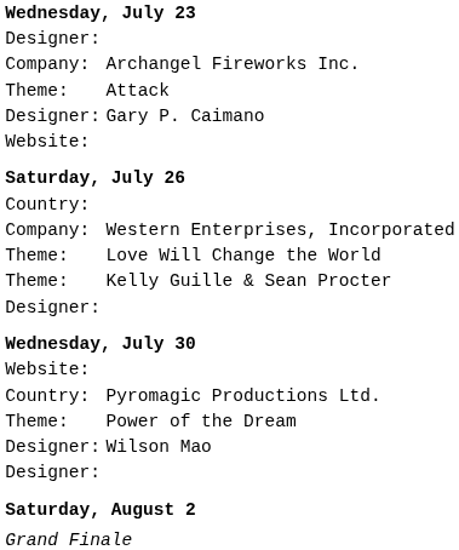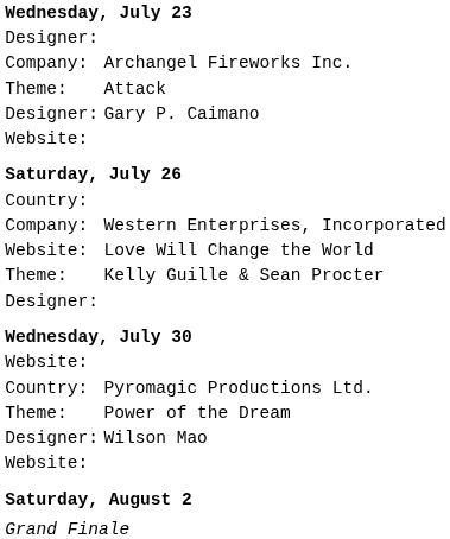 <table border="0">
 <tr>
 <td colspan="2"><strong>Wednesday, July 23</strong></td>
 </tr>
 <tr>
 <td>Designer:</td>
 <td></td>
 </tr>
 <tr>
 <td>Company:</td>
 <td>Archangel Fireworks Inc.</td>
 </tr>
 <tr>
 <td>Theme:</td>
 <td>Attack</td>
 </tr>
 <tr>
 <td>Designer:</td>
 <td>Gary P. Caimano</td>
 </tr>
 <tr>
 <td>Website:</td>
 <td></td>
 </tr>
 <tr>
 <td colspan="2"></td>
 </tr>
 <tr>
 <td></td>
 </tr>
 <tr>
 <td colspan="2"><strong>Saturday, July 26</strong></td>
 </tr>
 <tr>
 <td>Country:</td>
 <td></td>
 </tr>
 <tr>
 <td>Company:</td>
 <td>Western Enterprises, Incorporated</td>
 </tr>
 <tr>
-<td>Theme:</td>
+<td>Website:</td>
 <td>Love Will Change the World</td>
 </tr>
 <tr>
 <td>Theme:</td>
 <td>Kelly Guille & Sean Procter</td>
 </tr>
 <tr>
 <td>Designer:</td>
 <td></td>
 </tr>
 <tr>
 <td colspan="2"></td>
 </tr>
 <tr>
 <td></td>
 </tr>
 <tr>
 <td colspan="2"><strong>Wednesday, July 30</strong></td>
 </tr>
 <tr>
 <td>Website:</td>
 <td></td>
 </tr>
 <tr>
 <td>Country:</td>
 <td>Pyromagic Productions Ltd.</td>
 </tr>
 <tr>
 <td>Theme:</td>
 <td>Power of the Dream</td>
 </tr>
 <tr>
 <td>Designer:</td>
 <td>Wilson Mao</td>
 </tr>
 <tr>
-<td>Designer:</td>
+<td>Website:</td>
 <td></td>
 </tr>
 <tr>
 <td colspan="2"></td>
 </tr>
 <tr>
 <td></td>
 </tr>
 <tr>
 <td colspan="2"><strong>Saturday, August 2</strong></td>
 </tr>
 <tr>
 <td></td>
 </tr>
 <tr>
 <td colspan="2"><em>Grand Finale</em></td>
 </tr>
 <tr>
 <td colspan="2"></td>
 </tr>
 </table>
